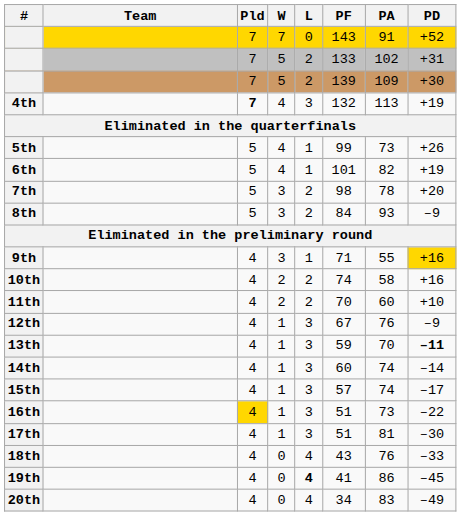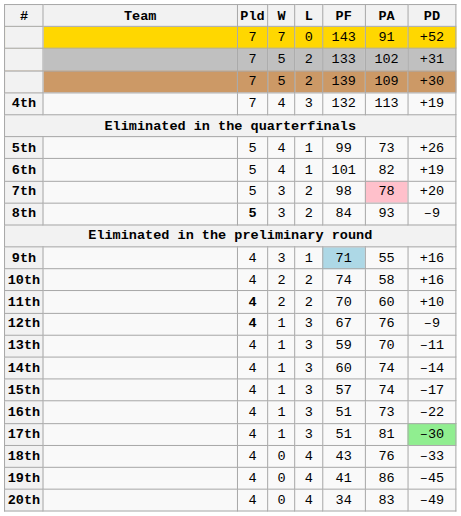 <table class=wikitable style="text-align:center;">
 <tr>
 <th>#</th>
 <th width=180px>Team</th>
 <th width=20px>Pld</th>
 <th width=20px>W</th>
 <th width=20px>L</th>
 <th width=35px>PF</th>
 <th width=35px>PA</th>
 <th width=40px>PD</th>
 </tr>
 <tr bgcolor=gold>
 <th></th>
 <td align=left></td>
 <td>7</td>
 <td>7</td>
 <td>0</td>
 <td>143</td>
 <td>91</td>
 <td>+52</td>
 </tr>
 <tr bgcolor=silver>
 <th></th>
 <td align=left></td>
 <td>7</td>
 <td>5</td>
 <td>2</td>
 <td>133</td>
 <td>102</td>
 <td>+31</td>
 </tr>
 <tr bgcolor=cc9966>
 <th></th>
 <td align=left></td>
 <td>7</td>
 <td>5</td>
 <td>2</td>
 <td>139</td>
 <td>109</td>
 <td>+30</td>
 </tr>
 <tr>
 <th>4th</th>
 <td align=left></td>
-<td><strong>7</strong></td>
+<td>7</td>
 <td>4</td>
 <td>3</td>
 <td>132</td>
 <td>113</td>
 <td>+19</td>
 </tr>
 <tr>
 <th colspan=8>Eliminated in the quarterfinals</th>
 </tr>
 <tr>
 <th>5th</th>
 <td align=left></td>
 <td>5</td>
 <td>4</td>
 <td>1</td>
 <td>99</td>
 <td>73</td>
 <td>+26</td>
 </tr>
 <tr>
 <th>6th</th>
 <td align=left></td>
 <td>5</td>
 <td>4</td>
 <td>1</td>
 <td>101</td>
 <td>82</td>
 <td>+19</td>
 </tr>
 <tr>
 <th>7th</th>
 <td align=left></td>
 <td>5</td>
 <td>3</td>
 <td>2</td>
 <td>98</td>
-<td>78</td>
+<td style="background: pink;">78</td>
 <td>+20</td>
 </tr>
 <tr>
 <th>8th</th>
 <td align=left></td>
-<td>5</td>
+<td><strong>5</strong></td>
 <td>3</td>
 <td>2</td>
 <td>84</td>
 <td>93</td>
 <td>–9</td>
 </tr>
 <tr>
 <th colspan=8>Eliminated in the preliminary round</th>
 </tr>
 <tr>
 <th>9th</th>
 <td align=left></td>
 <td>4</td>
 <td>3</td>
 <td>1</td>
-<td>71</td>
+<td style="background: lightblue;">71</td>
 <td>55</td>
-<td style="background: gold;">+16</td>
+<td>+16</td>
 </tr>
 <tr>
 <th>10th</th>
 <td align=left></td>
 <td>4</td>
 <td>2</td>
 <td>2</td>
 <td>74</td>
 <td>58</td>
 <td>+16</td>
 </tr>
 <tr>
 <th>11th</th>
 <td align=left></td>
-<td>4</td>
+<td><strong>4</strong></td>
 <td>2</td>
 <td>2</td>
 <td>70</td>
 <td>60</td>
 <td>+10</td>
 </tr>
 <tr>
 <th>12th</th>
 <td align=left></td>
-<td>4</td>
+<td><strong>4</strong></td>
 <td>1</td>
 <td>3</td>
 <td>67</td>
 <td>76</td>
 <td>–9</td>
 </tr>
 <tr>
 <th>13th</th>
 <td align=left></td>
 <td>4</td>
 <td>1</td>
 <td>3</td>
 <td>59</td>
 <td>70</td>
-<td><strong>–11</strong></td>
+<td>–11</td>
 </tr>
 <tr>
 <th>14th</th>
 <td align=left></td>
 <td>4</td>
 <td>1</td>
 <td>3</td>
 <td>60</td>
 <td>74</td>
 <td>–14</td>
 </tr>
 <tr>
 <th>15th</th>
 <td align=left></td>
 <td>4</td>
 <td>1</td>
 <td>3</td>
 <td>57</td>
 <td>74</td>
 <td>–17</td>
 </tr>
 <tr>
 <th>16th</th>
 <td align=left></td>
-<td style="background: gold;">4</td>
+<td>4</td>
 <td>1</td>
 <td>3</td>
 <td>51</td>
 <td>73</td>
 <td>–22</td>
 </tr>
 <tr>
 <th>17th</th>
 <td align=left></td>
 <td>4</td>
 <td>1</td>
 <td>3</td>
 <td>51</td>
 <td>81</td>
-<td>–30</td>
+<td style="background: lightgreen;">–30</td>
 </tr>
 <tr>
 <th>18th</th>
 <td align=left></td>
 <td>4</td>
 <td>0</td>
 <td>4</td>
 <td>43</td>
 <td>76</td>
 <td>–33</td>
 </tr>
 <tr>
 <th>19th</th>
 <td align=left></td>
 <td>4</td>
 <td>0</td>
-<td><strong>4</strong></td>
+<td>4</td>
 <td>41</td>
 <td>86</td>
 <td>–45</td>
 </tr>
 <tr>
 <th>20th</th>
 <td align=left></td>
 <td>4</td>
 <td>0</td>
 <td>4</td>
 <td>34</td>
 <td>83</td>
 <td>–49</td>
 </tr>
 </table>
